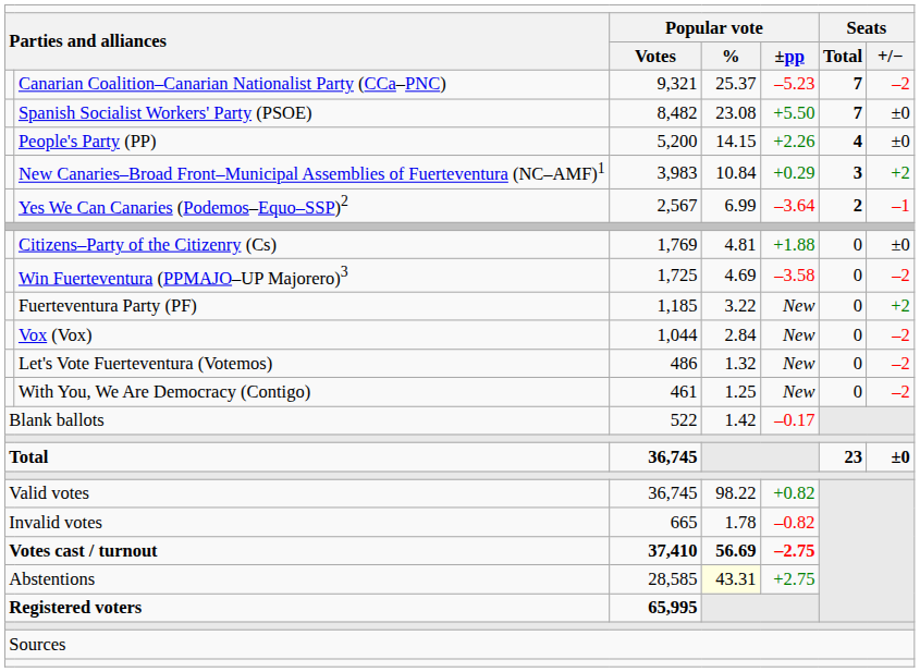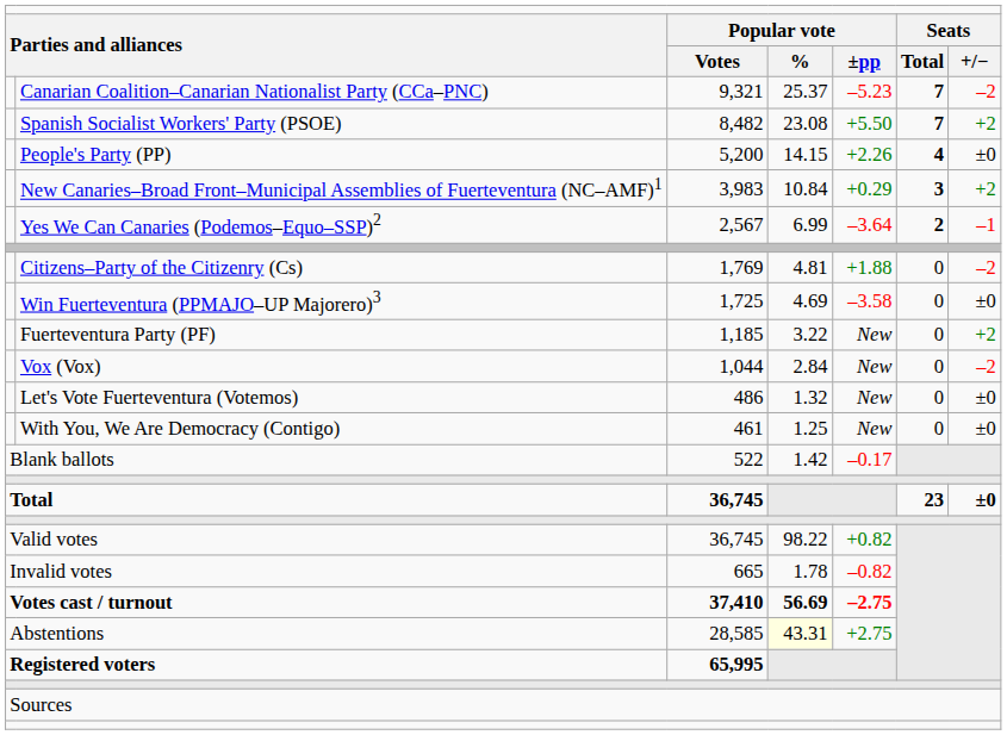 <table class="wikitable" style="text-align:right;">
 <tr>
 <td colspan="7"></td>
 </tr>
 <tr>
 <th style="text-align:left;" rowspan="2" colspan="2" width="525">Parties and alliances</th>
 <th colspan="3">Popular vote</th>
 <th colspan="2">Seats</th>
 </tr>
 <tr>
 <th width="75">Votes</th>
 <th width="45">%</th>
 <th width="45">±<a href='#'>pp</a></th>
 <th width="35">Total</th>
 <th width="35">+/−</th>
 </tr>
 <tr>
 <td width="1" style="color:inherit;background:"></td>
 <td align="left"><a href='#'>Canarian Coalition–Canarian Nationalist Party</a> (<a href='#'>CCa</a>–<a href='#'>PNC</a>)</td>
 <td>9,321</td>
 <td>25.37</td>
 <td style="color:red;">–5.23</td>
 <td><strong>7</strong></td>
 <td style="color:red;">–2</td>
 </tr>
 <tr>
 <td style="color:inherit;background:"></td>
 <td align="left"><a href='#'>Spanish Socialist Workers' Party</a> (PSOE)</td>
 <td>8,482</td>
 <td>23.08</td>
 <td style="color:green;">+5.50</td>
 <td><strong>7</strong></td>
-<td>±0</td>
+<td style="color:green;">+2</td>
 </tr>
 <tr>
 <td style="color:inherit;background:"></td>
 <td align="left"><a href='#'>People's Party</a> (PP)</td>
 <td>5,200</td>
 <td>14.15</td>
 <td style="color:green;">+2.26</td>
 <td><strong>4</strong></td>
 <td>±0</td>
 </tr>
 <tr>
 <td style="color:inherit;background:"></td>
 <td align="left"><a href='#'>New Canaries–Broad Front–Municipal Assemblies of Fuerteventura</a> (NC–AMF)<sup>1</sup></td>
 <td>3,983</td>
 <td>10.84</td>
 <td style="color:green;">+0.29</td>
 <td><strong>3</strong></td>
 <td style="color:green;">+2</td>
 </tr>
 <tr>
 <td style="color:inherit;background:"></td>
 <td align="left"><a href='#'>Yes We Can Canaries</a> (<a href='#'>Podemos</a>–<a href='#'>Equo–SSP</a>)<sup>2</sup></td>
 <td>2,567</td>
 <td>6.99</td>
 <td style="color:red;">–3.64</td>
 <td><strong>2</strong></td>
 <td style="color:red;">–1</td>
 </tr>
 <tr>
 <td colspan="7" bgcolor="#C0C0C0"></td>
 </tr>
 <tr>
 <td style="color:inherit;background:"></td>
 <td align="left"><a href='#'>Citizens–Party of the Citizenry</a> (Cs)</td>
 <td>1,769</td>
 <td>4.81</td>
 <td style="color:green;">+1.88</td>
 <td>0</td>
-<td>±0</td>
+<td style="color:red;">–2</td>
 </tr>
 <tr>
 <td style="color:inherit;background:"></td>
 <td align="left"><a href='#'>Win Fuerteventura</a> (<a href='#'>PPMAJO</a>–UP Majorero)<sup>3</sup></td>
 <td>1,725</td>
 <td>4.69</td>
 <td style="color:red;">–3.58</td>
 <td>0</td>
-<td style="color:red;">–2</td>
+<td>±0</td>
 </tr>
 <tr>
 <td style="color:inherit;background:"></td>
 <td align="left">Fuerteventura Party (PF)</td>
 <td>1,185</td>
 <td>3.22</td>
 <td><em>New</em></td>
 <td>0</td>
 <td style="color:green;">+2</td>
 </tr>
 <tr>
 <td style="color:inherit;background:"></td>
 <td align="left"><a href='#'>Vox</a> (Vox)</td>
 <td>1,044</td>
 <td>2.84</td>
 <td><em>New</em></td>
 <td>0</td>
 <td style="color:red;">–2</td>
 </tr>
 <tr>
 <td style="color:inherit;background:"></td>
 <td align="left">Let's Vote Fuerteventura (Votemos)</td>
 <td>486</td>
 <td>1.32</td>
 <td><em>New</em></td>
 <td>0</td>
-<td style="color:red;">–2</td>
+<td>±0</td>
 </tr>
 <tr>
 <td style="color:inherit;background:"></td>
 <td align="left">With You, We Are Democracy (Contigo)</td>
 <td>461</td>
 <td>1.25</td>
 <td><em>New</em></td>
 <td>0</td>
-<td style="color:red;">–2</td>
+<td>±0</td>
 </tr>
 <tr>
 <td align="left" colspan="2">Blank ballots</td>
 <td>522</td>
 <td>1.42</td>
 <td style="color:red;">–0.17</td>
 <td bgcolor="#E9E9E9" colspan="2"></td>
 </tr>
 <tr>
 <td colspan="7" bgcolor="#E9E9E9"></td>
 </tr>
 <tr style="font-weight:bold;">
 <td align="left" colspan="2">Total</td>
 <td>36,745</td>
 <td bgcolor="#E9E9E9" colspan="2"></td>
 <td>23</td>
 <td>±0</td>
 </tr>
 <tr>
 <td colspan="7" bgcolor="#E9E9E9"></td>
 </tr>
 <tr>
 <td align="left" colspan="2">Valid votes</td>
 <td>36,745</td>
 <td>98.22</td>
 <td style="color:green;">+0.82</td>
 <td bgcolor="#E9E9E9" colspan="2" rowspan="5"></td>
 </tr>
 <tr>
 <td align="left" colspan="2">Invalid votes</td>
 <td>665</td>
 <td>1.78</td>
 <td style="color:red;">–0.82</td>
 </tr>
 <tr style="font-weight:bold;">
 <td align="left" colspan="2">Votes cast / turnout</td>
 <td>37,410</td>
 <td>56.69</td>
 <td style="color:red;">–2.75</td>
 </tr>
 <tr>
 <td align="left" colspan="2">Abstentions</td>
 <td>28,585</td>
 <td style="background: lightyellow;">43.31</td>
 <td style="color:green;">+2.75</td>
 </tr>
 <tr style="font-weight:bold;">
 <td align="left" colspan="2">Registered voters</td>
 <td>65,995</td>
 <td bgcolor="#E9E9E9" colspan="2"></td>
 </tr>
 <tr>
 <td colspan="7" bgcolor="#E9E9E9"></td>
 </tr>
 <tr>
 <td align="left" colspan="7">Sources</td>
 </tr>
 <tr>
 <td colspan="7" style="text-align:left; max-width:790px;"></td>
 </tr>
 </table>
